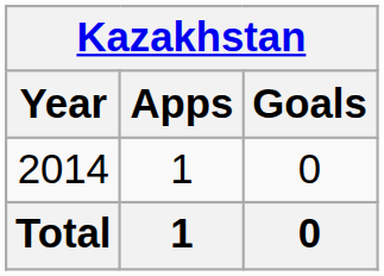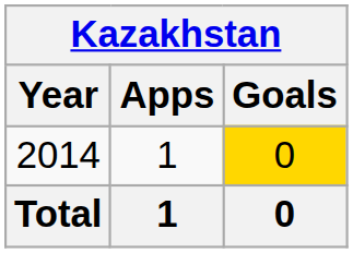 <table class="wikitable" style="text-align:center">
 <tr>
 <th colspan=3><a href='#'>Kazakhstan</a></th>
 </tr>
 <tr>
 <th>Year</th>
 <th>Apps</th>
 <th>Goals</th>
 </tr>
 <tr>
 <td>2014</td>
 <td>1</td>
-<td>0</td>
+<td style="background: gold;">0</td>
 </tr>
 <tr>
 <th>Total</th>
 <th>1</th>
 <th>0</th>
 </tr>
 </table>
